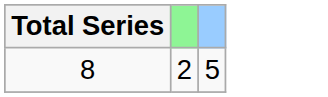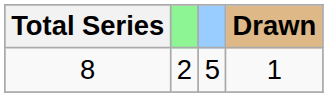 <table class="wikitable">
 <tr>
 <th>Total Series</th>
 <th style="background:#8ef595"></th>
 <th style="background:#99ccff"></th>
+<th style="background:#deb887">Drawn</th>
 </tr>
 <tr>
 <td align="center">8</td>
 <td align="center">2</td>
 <td align="center">5</td>
+<td align="center">1</td>
 </tr>
 </table>
